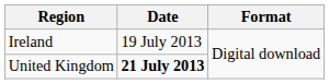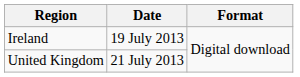 <table class="wikitable">
 <tr>
 <th>Region</th>
 <th>Date</th>
 <th>Format</th>
 </tr>
 <tr>
 <td>Ireland</td>
 <td>19 July 2013</td>
 <td rowspan="2">Digital download</td>
 </tr>
 <tr>
 <td>United Kingdom</td>
-<td><strong>21 July 2013</strong></td>
+<td>21 July 2013</td>
 </tr>
 </table>
